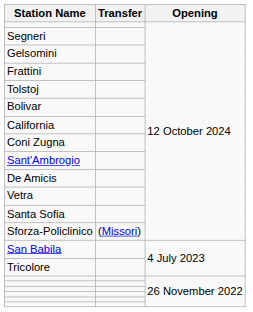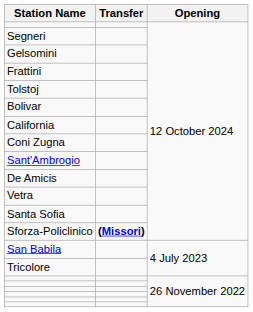 <table class="wikitable">
 <tr>
 <th>Station Name</th>
 <th>Transfer</th>
 <th>Opening</th>
 </tr>
 <tr>
 <td></td>
 <td> </td>
 <td rowspan="13">12 October 2024</td>
 </tr>
 <tr>
 <td>Segneri</td>
 <td></td>
 </tr>
 <tr>
 <td>Gelsomini</td>
 <td></td>
 </tr>
 <tr>
 <td>Frattini</td>
 <td></td>
 </tr>
 <tr>
 <td>Tolstoj</td>
 <td></td>
 </tr>
 <tr>
 <td>Bolivar</td>
 <td></td>
 </tr>
 <tr>
 <td>California</td>
 <td></td>
 </tr>
 <tr>
 <td>Coni Zugna</td>
 <td></td>
 </tr>
 <tr>
 <td><a href='#'>Sant'Ambrogio</a></td>
 <td></td>
 </tr>
 <tr>
 <td>De Amicis</td>
 <td></td>
 </tr>
 <tr>
 <td>Vetra</td>
 <td></td>
 </tr>
 <tr>
 <td>Santa Sofia</td>
 <td></td>
 </tr>
 <tr>
 <td>Sforza-Policlinico</td>
-<td> (<a href='#'>Missori</a>)</td>
+<td><strong> (<a href='#'>Missori</a>)</strong></td>
 </tr>
 <tr>
 <td><a href='#'>San Babila</a></td>
 <td></td>
 <td rowspan="2">4 July 2023</td>
 </tr>
 <tr>
 <td>Tricolore</td>
 <td></td>
 </tr>
 <tr>
 <td></td>
 <td>    </td>
 <td rowspan="6">26 November 2022</td>
 </tr>
 <tr>
 <td></td>
 <td></td>
 </tr>
 <tr>
 <td></td>
 <td></td>
 </tr>
 <tr>
 <td></td>
 <td>  </td>
 </tr>
 <tr>
 <td></td>
 <td></td>
 </tr>
 <tr>
 <td></td>
 <td></td>
 </tr>
 </table>
